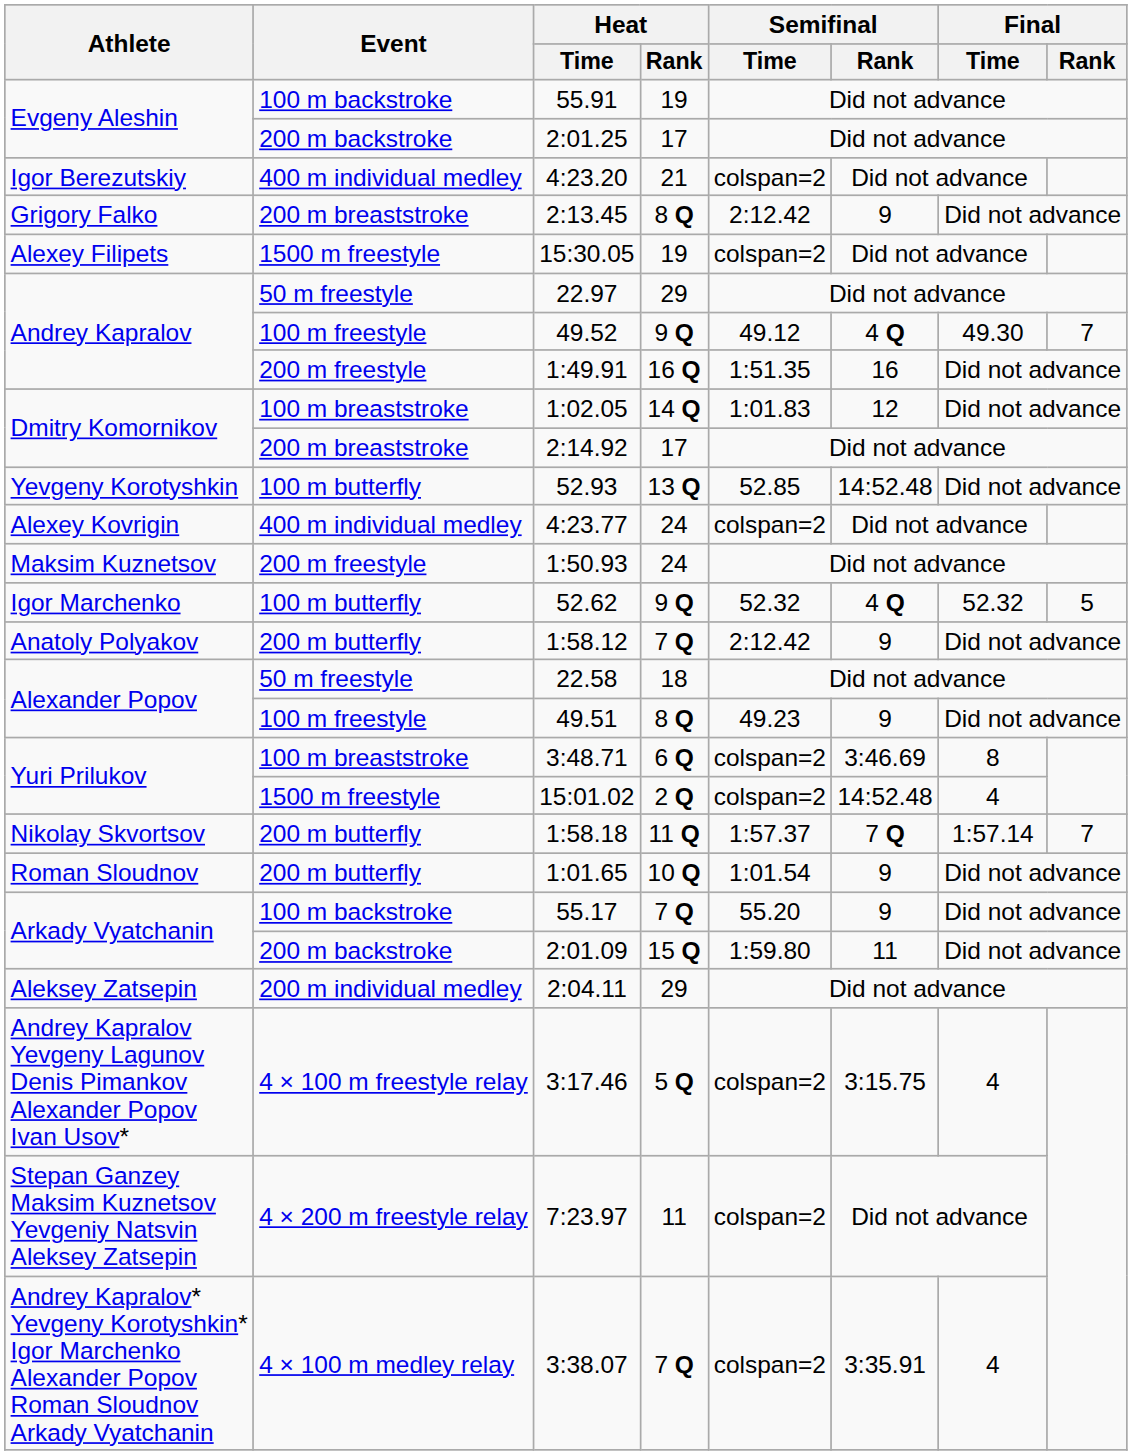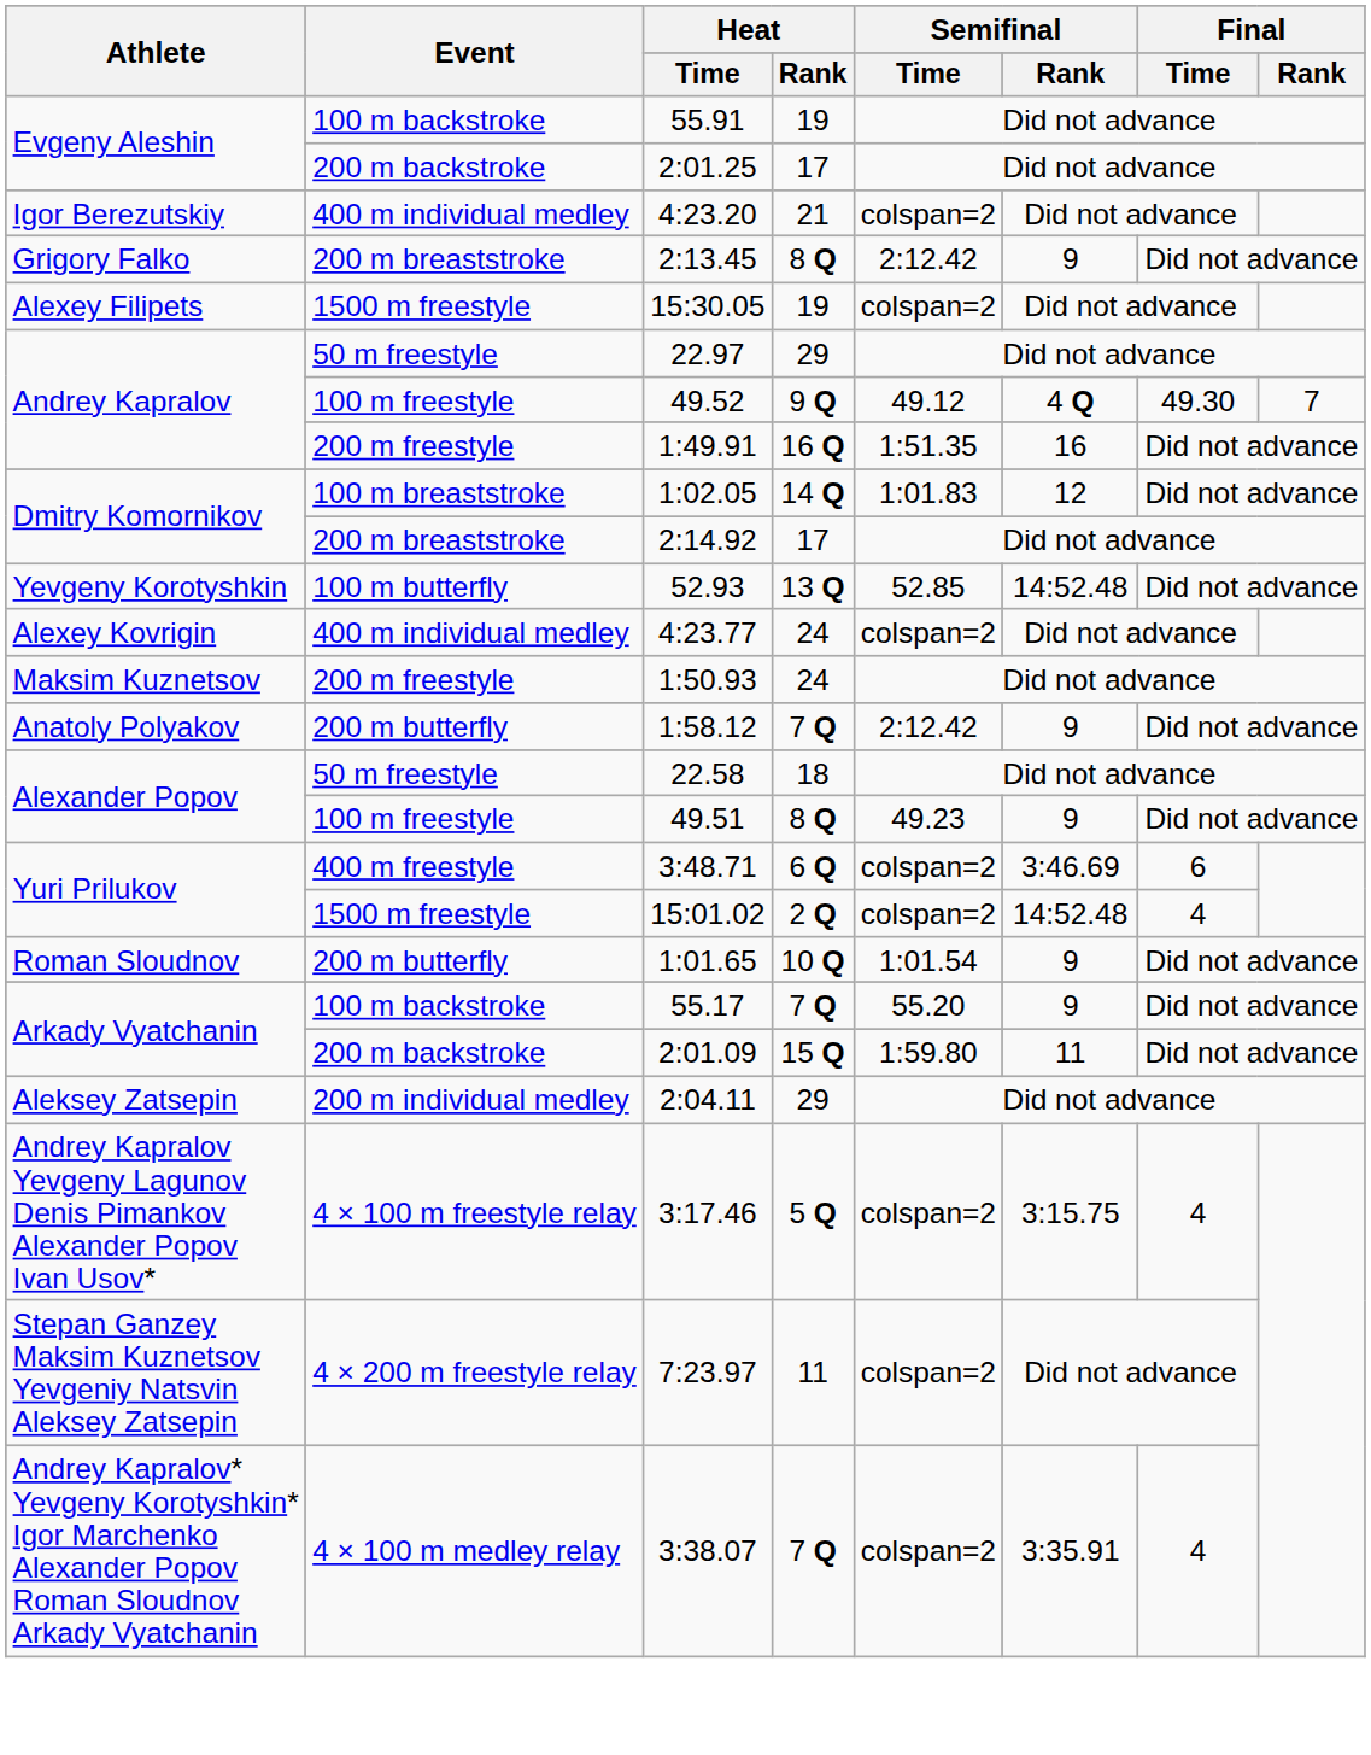 <table class=wikitable style="font-size:90%">
 <tr>
 <th rowspan="2">Athlete</th>
 <th rowspan="2">Event</th>
 <th colspan="2">Heat</th>
 <th colspan="2">Semifinal</th>
 <th colspan="2">Final</th>
 </tr>
 <tr style="font-size:95%">
 <th>Time</th>
 <th>Rank</th>
 <th>Time</th>
 <th>Rank</th>
 <th>Time</th>
 <th>Rank</th>
 </tr>
 <tr align=center>
 <td align=left rowspan=2><a href='#'>Evgeny Aleshin</a></td>
 <td align=left><a href='#'>100 m backstroke</a></td>
 <td>55.91</td>
 <td>19</td>
 <td colspan=4>Did not advance</td>
 </tr>
 <tr align=center>
 <td align=left><a href='#'>200 m backstroke</a></td>
 <td>2:01.25</td>
 <td>17</td>
 <td colspan=4>Did not advance</td>
 </tr>
 <tr align=center>
 <td align=left><a href='#'>Igor Berezutskiy</a></td>
 <td align=left><a href='#'>400 m individual medley</a></td>
 <td>4:23.20</td>
 <td>21</td>
 <td>colspan=2 </td>
 <td colspan=2>Did not advance</td>
 </tr>
 <tr align=center>
 <td align=left><a href='#'>Grigory Falko</a></td>
 <td align=left><a href='#'>200 m breaststroke</a></td>
 <td>2:13.45</td>
 <td>8 <strong>Q</strong></td>
 <td>2:12.42</td>
 <td>9</td>
 <td colspan=2>Did not advance</td>
 </tr>
 <tr align=center>
 <td align=left><a href='#'>Alexey Filipets</a></td>
 <td align=left><a href='#'>1500 m freestyle</a></td>
 <td>15:30.05</td>
 <td>19</td>
 <td>colspan=2 </td>
 <td colspan=2>Did not advance</td>
 </tr>
 <tr align=center>
 <td align=left rowspan=3><a href='#'>Andrey Kapralov</a></td>
 <td align=left><a href='#'>50 m freestyle</a></td>
 <td>22.97</td>
 <td>29</td>
 <td colspan=4>Did not advance</td>
 </tr>
 <tr align=center>
 <td align=left><a href='#'>100 m freestyle</a></td>
 <td>49.52</td>
 <td>9 <strong>Q</strong></td>
 <td>49.12</td>
 <td>4 <strong>Q</strong></td>
 <td>49.30</td>
 <td>7</td>
 </tr>
 <tr align=center>
 <td align=left><a href='#'>200 m freestyle</a></td>
 <td>1:49.91</td>
 <td>16 <strong>Q</strong></td>
 <td>1:51.35</td>
 <td>16</td>
 <td colspan=2>Did not advance</td>
 </tr>
 <tr align=center>
 <td align=left rowspan=2><a href='#'>Dmitry Komornikov</a></td>
 <td align=left><a href='#'>100 m breaststroke</a></td>
 <td>1:02.05</td>
 <td>14 <strong>Q</strong></td>
 <td>1:01.83</td>
 <td>12</td>
 <td colspan=2>Did not advance</td>
 </tr>
 <tr align=center>
 <td align=left><a href='#'>200 m breaststroke</a></td>
 <td>2:14.92</td>
 <td>17</td>
 <td colspan=4>Did not advance</td>
 </tr>
 <tr align=center>
 <td align=left><a href='#'>Yevgeny Korotyshkin</a></td>
 <td align=left><a href='#'>100 m butterfly</a></td>
 <td>52.93</td>
 <td>13 <strong>Q</strong></td>
 <td>52.85</td>
 <td>14:52.48</td>
 <td colspan=2>Did not advance</td>
 </tr>
 <tr align=center>
 <td align=left><a href='#'>Alexey Kovrigin</a></td>
 <td align=left><a href='#'>400 m individual medley</a></td>
 <td>4:23.77</td>
 <td>24</td>
 <td>colspan=2 </td>
 <td colspan=2>Did not advance</td>
 </tr>
 <tr align=center>
 <td align=left><a href='#'>Maksim Kuznetsov</a></td>
 <td align=left><a href='#'>200 m freestyle</a></td>
 <td>1:50.93</td>
 <td>24</td>
 <td colspan=4>Did not advance</td>
 </tr>
 <tr align=center>
-<td align=left><a href='#'>Igor Marchenko</a></td>
-<td align=left><a href='#'>100 m butterfly</a></td>
-<td>52.62</td>
-<td>9 <strong>Q</strong></td>
-<td>52.32</td>
-<td>4 <strong>Q</strong></td>
-<td>52.32</td>
-<td>5</td>
-</tr>
-<tr align=center>
 <td align=left><a href='#'>Anatoly Polyakov</a></td>
 <td align=left><a href='#'>200 m butterfly</a></td>
 <td>1:58.12</td>
 <td>7 <strong>Q</strong></td>
 <td>2:12.42</td>
 <td>9</td>
 <td colspan=2>Did not advance</td>
 </tr>
 <tr align=center>
 <td align=left rowspan=2><a href='#'>Alexander Popov</a></td>
 <td align=left><a href='#'>50 m freestyle</a></td>
 <td>22.58</td>
 <td>18</td>
 <td colspan=4>Did not advance</td>
 </tr>
 <tr align=center>
 <td align=left><a href='#'>100 m freestyle</a></td>
 <td>49.51</td>
 <td>8 <strong>Q</strong></td>
 <td>49.23</td>
 <td>9</td>
 <td colspan=2>Did not advance</td>
 </tr>
 <tr align=center>
 <td align=left rowspan=2><a href='#'>Yuri Prilukov</a></td>
-<td align=left><a href='#'>100 m breaststroke</a></td>
+<td align=left><a href='#'>400 m freestyle</a></td>
 <td>3:48.71</td>
 <td>6 <strong>Q</strong></td>
 <td>colspan=2 </td>
 <td>3:46.69</td>
-<td>8</td>
+<td>6</td>
 </tr>
 <tr align=center>
 <td align=left><a href='#'>1500 m freestyle</a></td>
 <td>15:01.02</td>
 <td>2 <strong>Q</strong></td>
 <td>colspan=2 </td>
 <td>14:52.48</td>
 <td>4</td>
-</tr>
-<tr align=center>
-<td align=left><a href='#'>Nikolay Skvortsov</a></td>
-<td align=left><a href='#'>200 m butterfly</a></td>
-<td>1:58.18</td>
-<td>11 <strong>Q</strong></td>
-<td>1:57.37</td>
-<td>7 <strong>Q</strong></td>
-<td>1:57.14</td>
-<td>7</td>
 </tr>
 <tr align=center>
 <td align=left><a href='#'>Roman Sloudnov</a></td>
 <td align=left><a href='#'>200 m butterfly</a></td>
 <td>1:01.65</td>
 <td>10 <strong>Q</strong></td>
 <td>1:01.54</td>
 <td>9</td>
 <td colspan=2>Did not advance</td>
 </tr>
 <tr align=center>
 <td align=left rowspan=2><a href='#'>Arkady Vyatchanin</a></td>
 <td align=left><a href='#'>100 m backstroke</a></td>
 <td>55.17</td>
 <td>7 <strong>Q</strong></td>
 <td>55.20</td>
 <td>9</td>
 <td colspan=2>Did not advance</td>
 </tr>
 <tr align=center>
 <td align=left><a href='#'>200 m backstroke</a></td>
 <td>2:01.09</td>
 <td>15 <strong>Q</strong></td>
 <td>1:59.80</td>
 <td>11</td>
 <td colspan=2>Did not advance</td>
 </tr>
 <tr align=center>
 <td align=left><a href='#'>Aleksey Zatsepin</a></td>
 <td align=left><a href='#'>200 m individual medley</a></td>
 <td>2:04.11</td>
 <td>29</td>
 <td colspan=4>Did not advance</td>
 </tr>
 <tr align=center>
 <td align=left><a href='#'>Andrey Kapralov</a><br><a href='#'>Yevgeny Lagunov</a><br><a href='#'>Denis Pimankov</a><br><a href='#'>Alexander Popov</a><br><a href='#'>Ivan Usov</a>*</td>
 <td align=left><a href='#'>4 × 100 m freestyle relay</a></td>
 <td>3:17.46</td>
 <td>5 <strong>Q</strong></td>
 <td>colspan=2 </td>
 <td>3:15.75</td>
 <td>4</td>
 </tr>
 <tr align=center>
 <td align=left><a href='#'>Stepan Ganzey</a><br><a href='#'>Maksim Kuznetsov</a><br><a href='#'>Yevgeniy Natsvin</a><br><a href='#'>Aleksey Zatsepin</a></td>
 <td align=left><a href='#'>4 × 200 m freestyle relay</a></td>
 <td>7:23.97</td>
 <td>11</td>
 <td>colspan=2 </td>
 <td colspan=2>Did not advance</td>
 </tr>
 <tr align=center>
 <td align=left><a href='#'>Andrey Kapralov</a>*<br><a href='#'>Yevgeny Korotyshkin</a>*<br><a href='#'>Igor Marchenko</a><br><a href='#'>Alexander Popov</a><br><a href='#'>Roman Sloudnov</a><br><a href='#'>Arkady Vyatchanin</a></td>
 <td align=left><a href='#'>4 × 100 m medley relay</a></td>
 <td>3:38.07</td>
 <td>7 <strong>Q</strong></td>
 <td>colspan=2 </td>
 <td>3:35.91</td>
 <td>4</td>
 </tr>
 </table>
